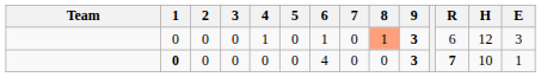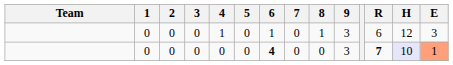 <table border=1 cellspacing=0 width=600 style="margin-left:3em;" class="wikitable">
 <tr style="text-align:center; background-color:#e6e6e6;">
 <th align=left width=28%>Team</th>
 <th width=5.4%>1</th>
 <th width=5.4%>2</th>
 <th width=5.4%>3</th>
 <th width=5.4%>4</th>
 <th width=5.4%>5</th>
 <th width=5.4%>6</th>
 <th width=5.4%>7</th>
 <th width=5.4%>8</th>
 <th width=5.4%>9</th>
 <th rowspan="3" width=0.5%></th>
 <th width=6%>R</th>
 <th width=6%>H</th>
 <th width=6%>E</th>
 </tr>
 <tr style="text-align:center;">
 <td align=left></td>
 <td>0</td>
 <td>0</td>
 <td>0</td>
 <td>1</td>
 <td>0</td>
 <td>1</td>
 <td>0</td>
-<td style="background: lightsalmon;">1</td>
-<td><strong>3</strong></td>
+<td>1</td>
+<td>3</td>
 <td>6</td>
 <td>12</td>
 <td>3</td>
 </tr>
 <tr style="text-align:center;">
 <td align=left></td>
-<td><strong>0</strong></td>
 <td>0</td>
 <td>0</td>
 <td>0</td>
 <td>0</td>
-<td>4</td>
+<td>0</td>
+<td><strong>4</strong></td>
 <td>0</td>
 <td>0</td>
-<td><strong>3</strong></td>
+<td>3</td>
 <td><strong>7</strong></td>
-<td>10</td>
-<td>1</td>
+<td style="background: lavender;">10</td>
+<td style="background: lightsalmon;">1</td>
 </tr>
 </table>
